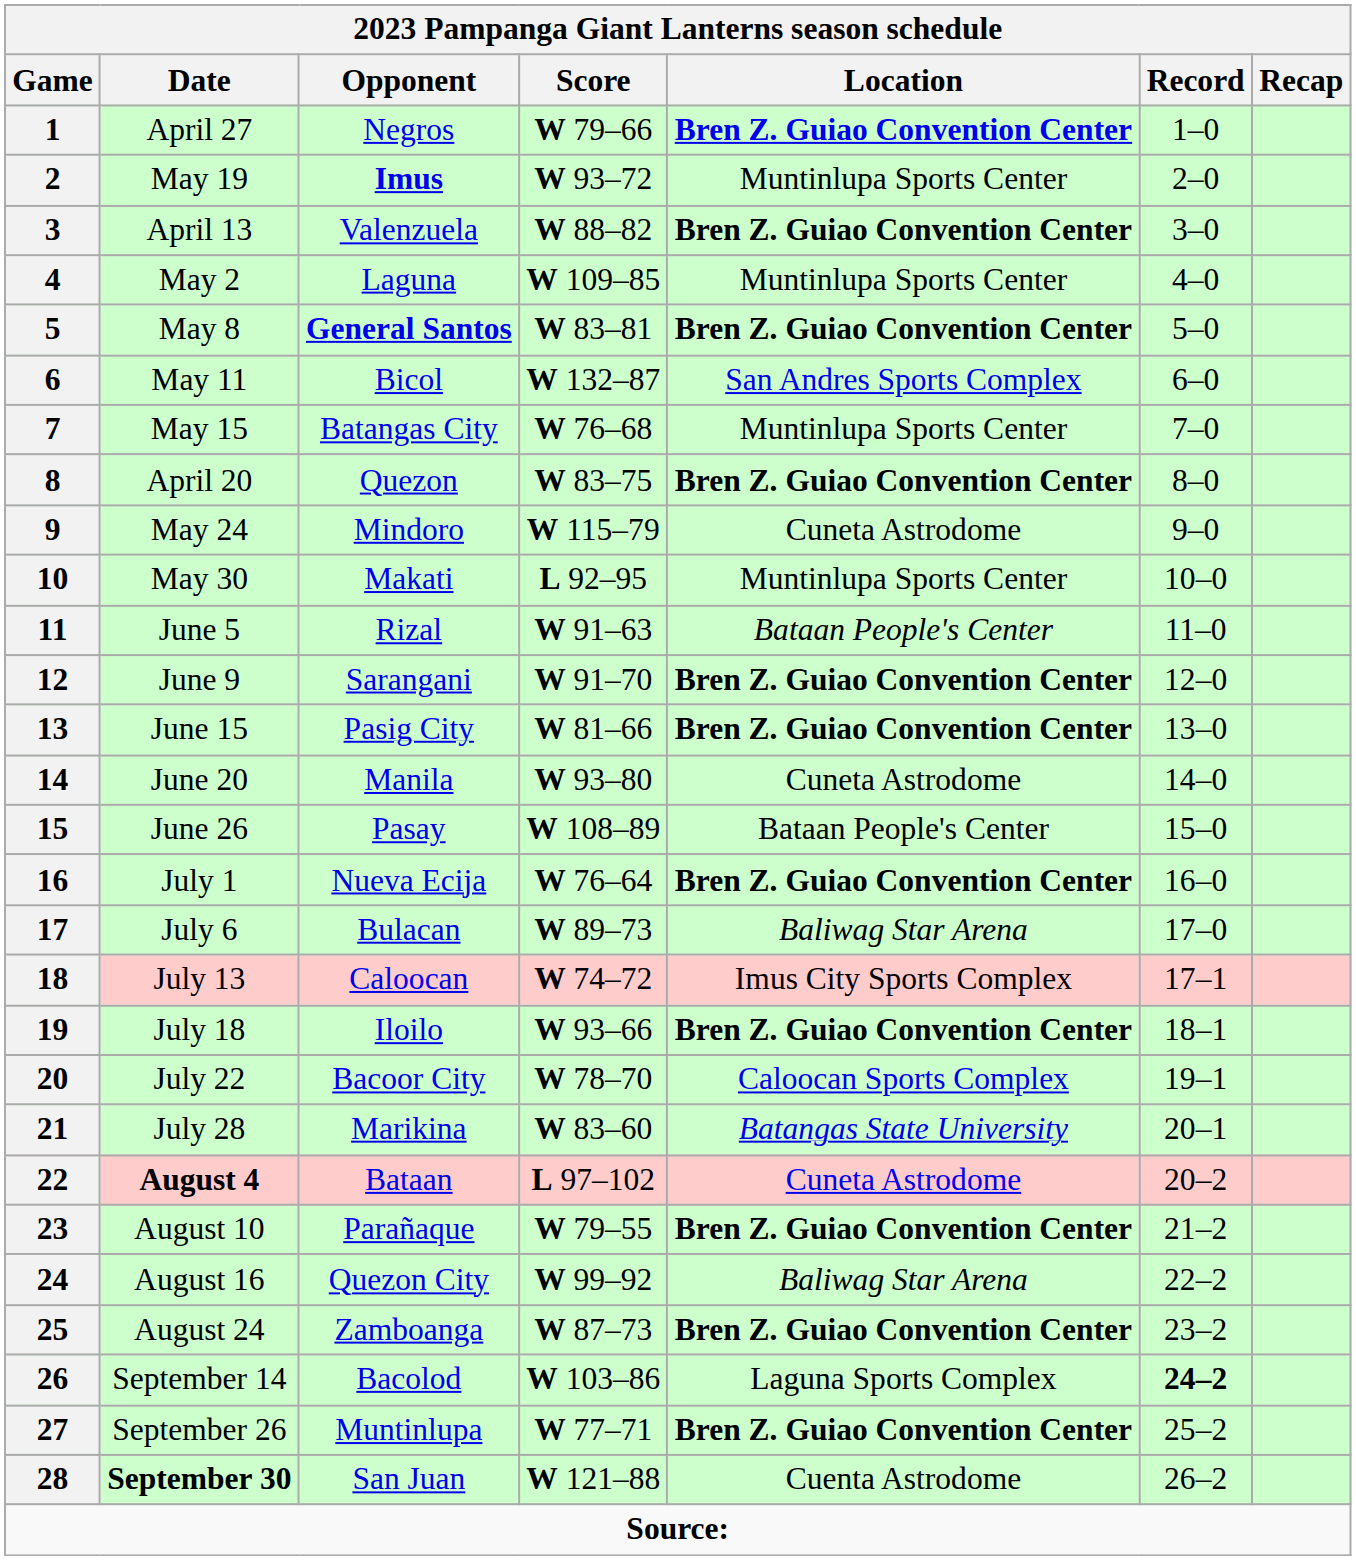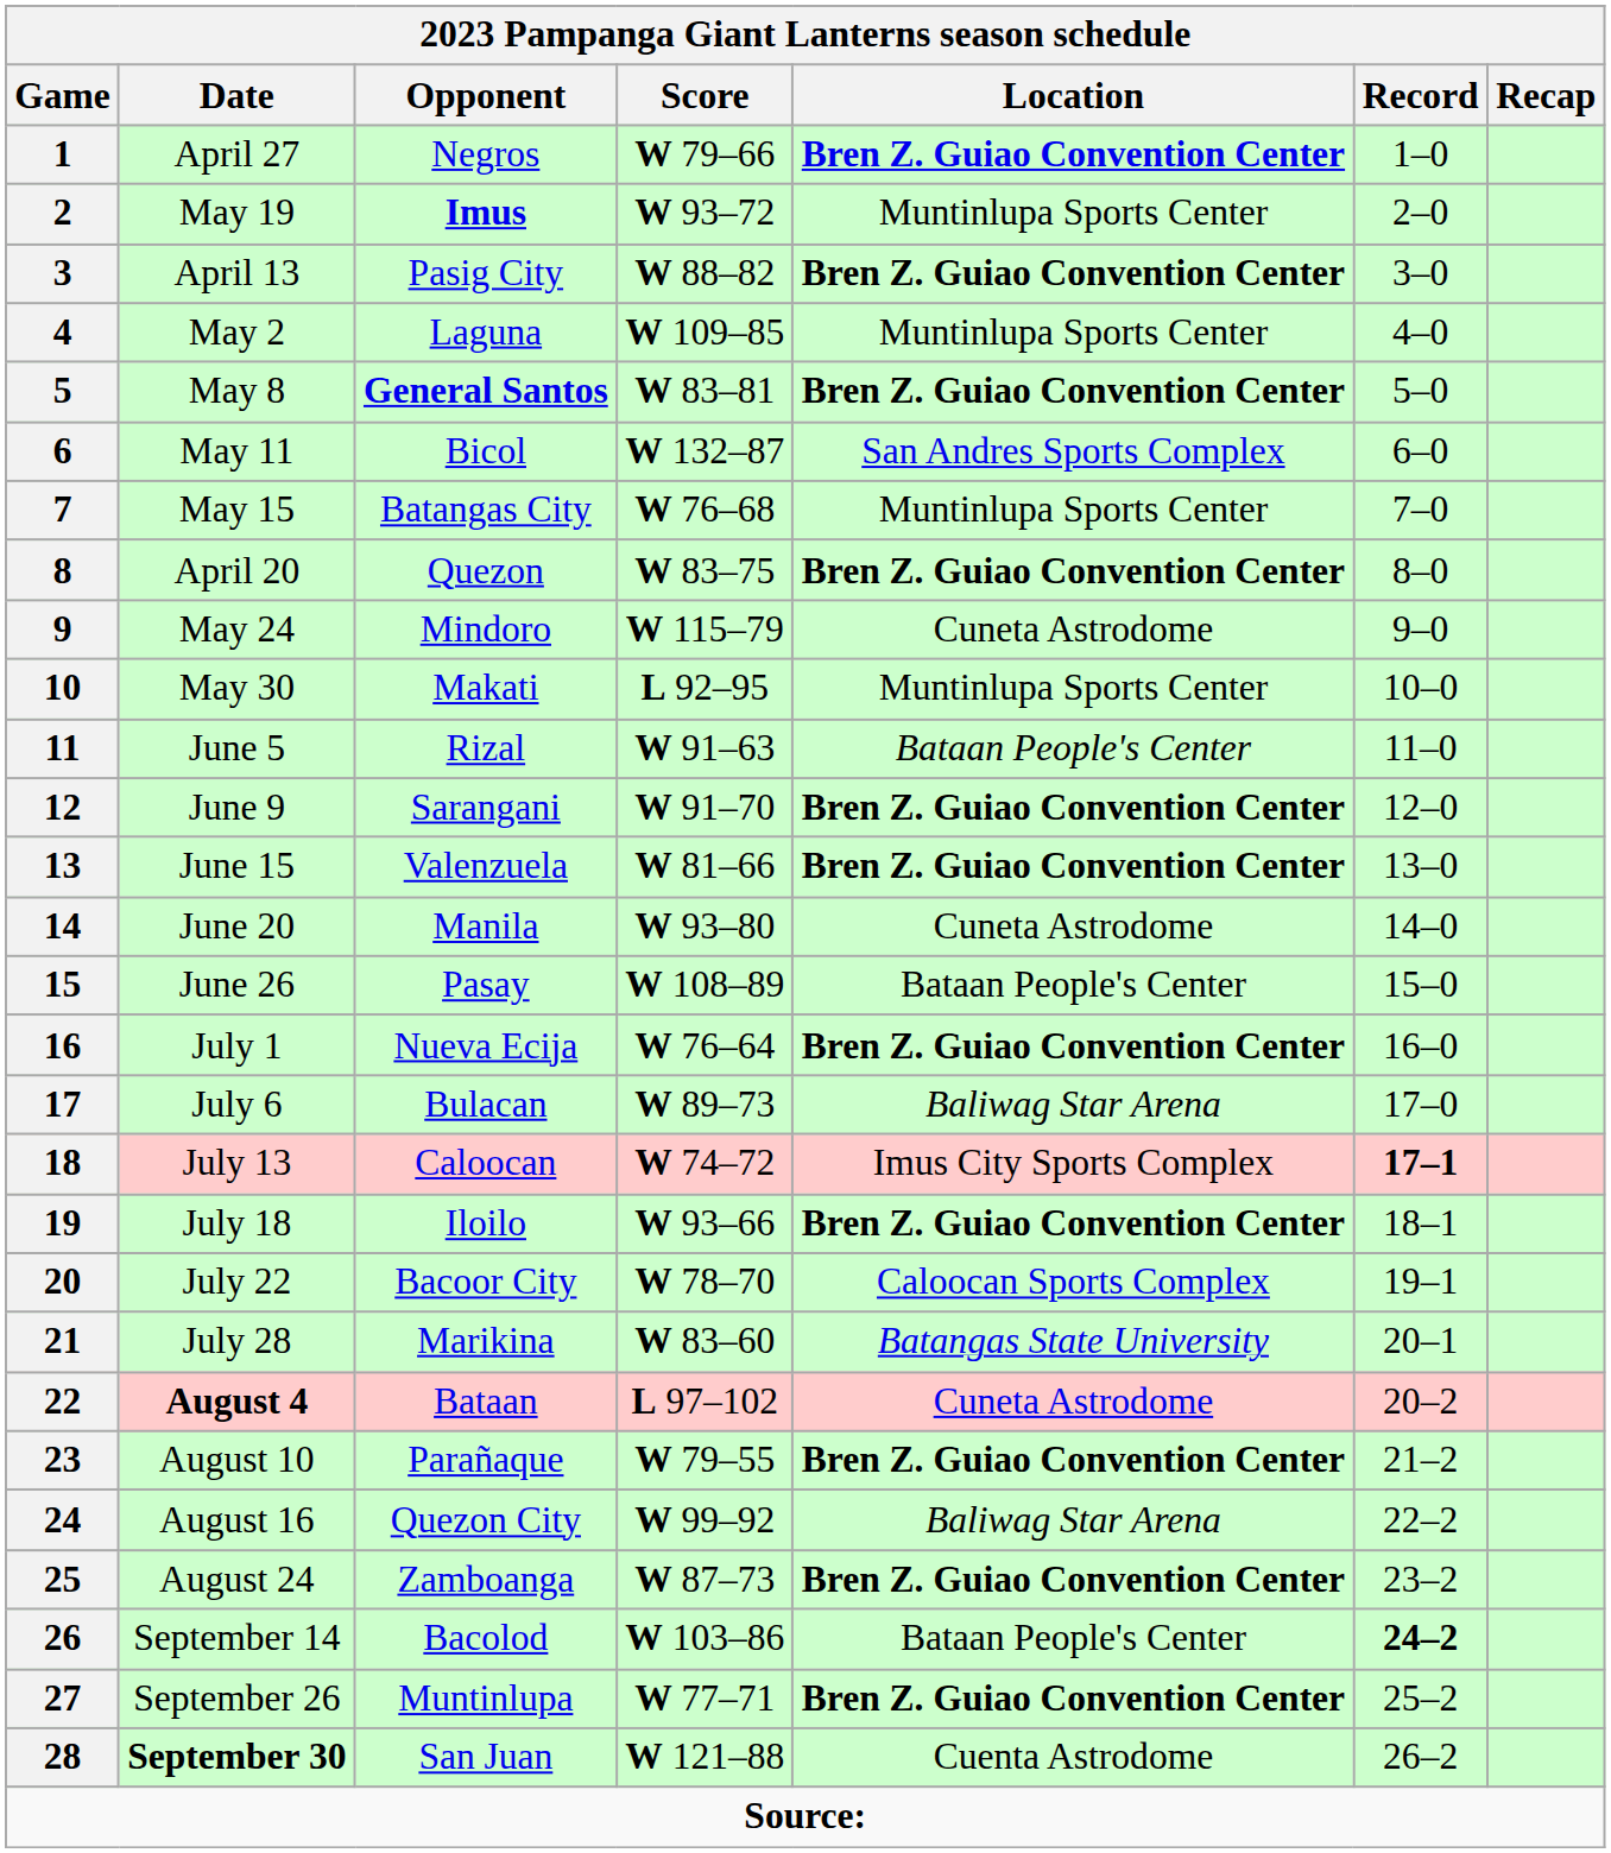 <table class="wikitable" style="text-align:center">
 <tr>
 <th colspan=7>2023 Pampanga Giant Lanterns season schedule</th>
 </tr>
 <tr>
 <th>Game</th>
 <th>Date</th>
 <th>Opponent</th>
 <th>Score</th>
 <th>Location</th>
 <th>Record</th>
 <th>Recap<br></th>
 </tr>
 <tr style="background:#cfc">
 <th>1</th>
 <td>April 27</td>
 <td><a href='#'>Negros</a></td>
 <td><strong>W</strong> 79–66</td>
 <td><strong><a href='#'>Bren Z. Guiao Convention Center</a></strong></td>
 <td>1–0</td>
 <td></td>
 </tr>
 <tr style="background:#cfc">
 <th>2</th>
 <td>May 19</td>
 <td><strong><a href='#'>Imus</a></strong></td>
 <td><strong>W</strong> 93–72</td>
 <td>Muntinlupa Sports Center</td>
 <td>2–0</td>
 <td></td>
 </tr>
 <tr style="background:#cfc">
 <th>3</th>
 <td>April 13</td>
-<td><a href='#'>Valenzuela</a></td>
+<td><a href='#'>Pasig City</a></td>
 <td><strong>W</strong>  88–82</td>
 <td><strong>Bren Z. Guiao Convention Center</strong></td>
 <td>3–0</td>
 <td></td>
 </tr>
 <tr style="background:#cfc">
 <th>4</th>
 <td>May 2</td>
 <td><a href='#'>Laguna</a></td>
 <td><strong>W</strong> 109–85</td>
 <td>Muntinlupa Sports Center</td>
 <td>4–0</td>
 <td></td>
 </tr>
 <tr style="background:#cfc">
 <th>5</th>
 <td>May 8</td>
 <td><strong><a href='#'>General Santos</a></strong></td>
 <td><strong>W</strong> 83–81</td>
 <td><strong>Bren Z. Guiao Convention Center</strong></td>
 <td>5–0</td>
 <td></td>
 </tr>
 <tr style="background:#cfc">
 <th>6</th>
 <td>May 11</td>
 <td><a href='#'>Bicol</a></td>
 <td><strong>W</strong> 132–87</td>
 <td><a href='#'>San Andres Sports Complex</a></td>
 <td>6–0</td>
 <td></td>
 </tr>
 <tr style="background:#cfc">
 <th>7</th>
 <td>May 15</td>
 <td><a href='#'>Batangas City</a></td>
 <td><strong>W</strong> 76–68</td>
 <td>Muntinlupa Sports Center</td>
 <td>7–0</td>
 <td></td>
 </tr>
 <tr style="background:#cfc">
 <th>8</th>
 <td>April 20</td>
 <td><a href='#'>Quezon</a></td>
 <td><strong>W</strong> 83–75</td>
 <td><strong>Bren Z. Guiao Convention Center</strong></td>
 <td>8–0</td>
 <td></td>
 </tr>
 <tr style="background:#cfc">
 <th>9</th>
 <td>May 24</td>
 <td><a href='#'>Mindoro</a></td>
 <td><strong>W</strong> 115–79</td>
 <td>Cuneta Astrodome</td>
 <td>9–0</td>
 <td></td>
 </tr>
 <tr style="background:#cfc">
 <th>10</th>
 <td>May 30</td>
 <td><a href='#'>Makati</a></td>
 <td><strong>L</strong>  92–95</td>
 <td>Muntinlupa Sports Center</td>
 <td>10–0</td>
 <td><br></td>
 </tr>
 <tr style="background:#cfc">
 <th>11</th>
 <td>June 5</td>
 <td><a href='#'>Rizal</a></td>
 <td><strong>W</strong>  91–63</td>
 <td><em>Bataan People's Center</em></td>
 <td>11–0</td>
 <td></td>
 </tr>
 <tr style="background:#cfc">
 <th>12</th>
 <td>June 9</td>
 <td><a href='#'>Sarangani</a></td>
 <td><strong>W</strong>  91–70</td>
 <td><strong>Bren Z. Guiao Convention Center</strong></td>
 <td>12–0</td>
 <td></td>
 </tr>
 <tr style="background:#cfc">
 <th>13</th>
 <td>June 15</td>
-<td><a href='#'>Pasig City</a></td>
+<td><a href='#'>Valenzuela</a></td>
 <td><strong>W</strong>  81–66</td>
 <td><strong>Bren Z. Guiao Convention Center</strong></td>
 <td>13–0</td>
 <td></td>
 </tr>
 <tr style="background:#cfc">
 <th>14</th>
 <td>June 20</td>
 <td><a href='#'>Manila</a></td>
 <td><strong>W</strong>  93–80</td>
 <td>Cuneta Astrodome</td>
 <td>14–0</td>
 <td></td>
 </tr>
 <tr style="background:#cfc">
 <th>15</th>
 <td>June 26</td>
 <td><a href='#'>Pasay</a></td>
 <td><strong>W</strong>  108–89</td>
 <td>Bataan People's Center</td>
 <td>15–0</td>
 <td></td>
 </tr>
 <tr style="background:#cfc">
 <th>16</th>
 <td>July 1</td>
 <td><a href='#'>Nueva Ecija</a></td>
 <td><strong>W</strong>  76–64</td>
 <td><strong>Bren Z. Guiao Convention Center</strong></td>
 <td>16–0</td>
 <td></td>
 </tr>
 <tr style="background:#cfc">
 <th>17</th>
 <td>July 6</td>
 <td><a href='#'>Bulacan</a></td>
 <td><strong>W</strong>  89–73</td>
 <td><em>Baliwag Star Arena</em></td>
 <td>17–0</td>
 <td></td>
 </tr>
 <tr style="background:#fcc">
 <th>18</th>
 <td>July 13</td>
 <td><a href='#'>Caloocan</a></td>
 <td><strong>W</strong>  74–72</td>
 <td>Imus City Sports Complex</td>
-<td>17–1</td>
+<td><strong>17–1</strong></td>
 <td></td>
 </tr>
 <tr style="background:#cfc">
 <th>19</th>
 <td>July 18</td>
 <td><a href='#'>Iloilo</a></td>
 <td><strong>W</strong>  93–66</td>
 <td><strong>Bren Z. Guiao Convention Center</strong></td>
 <td>18–1</td>
 <td></td>
 </tr>
 <tr style="background:#cfc">
 <th>20</th>
 <td>July 22</td>
 <td><a href='#'>Bacoor City</a></td>
 <td><strong>W</strong>  78–70</td>
 <td><a href='#'>Caloocan Sports Complex</a></td>
 <td>19–1</td>
 <td></td>
 </tr>
 <tr style="background:#cfc">
 <th>21</th>
 <td>July 28</td>
 <td><a href='#'>Marikina</a></td>
 <td><strong>W</strong>  83–60</td>
 <td><em><a href='#'>Batangas State University</a></em></td>
 <td>20–1</td>
 <td><br></td>
 </tr>
 <tr style="background:#fcc">
 <th>22</th>
 <td><strong>August 4</strong></td>
 <td><a href='#'>Bataan</a></td>
 <td><strong>L</strong>  97–102</td>
 <td><a href='#'>Cuneta Astrodome</a></td>
 <td>20–2</td>
 <td></td>
 </tr>
 <tr style="background:#cfc">
 <th>23</th>
 <td>August 10</td>
 <td><a href='#'>Parañaque</a></td>
 <td><strong>W</strong> 79–55</td>
 <td><strong>Bren Z. Guiao Convention Center</strong></td>
 <td>21–2</td>
 <td></td>
 </tr>
 <tr style="background:#cfc">
 <th>24</th>
 <td>August 16</td>
 <td><a href='#'>Quezon City</a></td>
 <td><strong>W</strong>  99–92</td>
 <td><em>Baliwag Star Arena</em></td>
 <td>22–2</td>
 <td></td>
 </tr>
 <tr style="background:#cfc">
 <th>25</th>
 <td>August 24</td>
 <td><a href='#'>Zamboanga</a></td>
 <td><strong>W</strong>  87–73</td>
 <td><strong>Bren Z. Guiao Convention Center</strong></td>
 <td>23–2</td>
 <td></td>
 </tr>
 <tr style="background:#cfc">
 <th>26</th>
 <td>September 14</td>
 <td><a href='#'>Bacolod</a></td>
 <td><strong>W</strong>  103–86</td>
-<td>Laguna Sports Complex</td>
+<td>Bataan People's Center</td>
 <td><strong>24–2</strong></td>
 <td></td>
 </tr>
 <tr style="background:#cfc">
 <th>27</th>
 <td>September 26</td>
 <td><a href='#'>Muntinlupa</a></td>
 <td><strong>W</strong>  77–71</td>
 <td><strong>Bren Z. Guiao Convention Center</strong></td>
 <td>25–2</td>
 <td></td>
 </tr>
 <tr style="background:#cfc">
 <th>28</th>
 <td><strong>September 30</strong></td>
 <td><a href='#'>San Juan</a></td>
 <td><strong>W</strong>  121–88</td>
 <td>Cuenta Astrodome</td>
 <td>26–2</td>
 <td></td>
 </tr>
 <tr>
 <td colspan=7 align=center><strong>Source: </strong></td>
 </tr>
 </table>
